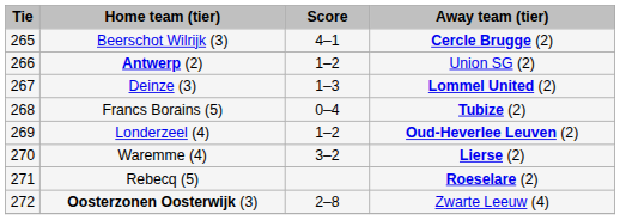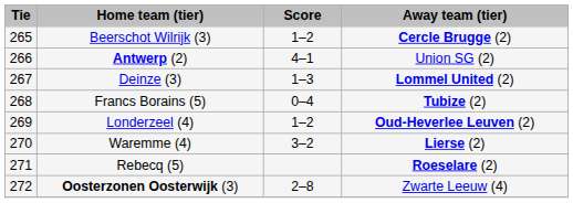 <table class="wikitable" style="width: 600px; background:WhiteSmoke; text-align:center; font-size:90%">
 <tr>
 <td scope="col" style="width:  5.00%; background:silver;"><strong>Tie</strong></td>
 <td scope="col" style="width: 36.25%; background:silver;"><strong>Home team (tier)</strong></td>
 <td scope="col" style="width: 12.50%; background:silver;"><strong>Score</strong></td>
 <td scope="col" style="width: 36.25%; background:silver;"><strong>Away team (tier)</strong></td>
 </tr>
 <tr>
 <td>265</td>
 <td><a href='#'>Beerschot Wilrijk</a> (3)</td>
-<td>4–1</td>
+<td>1–2</td>
 <td><strong><a href='#'>Cercle Brugge</a></strong> (2)</td>
 </tr>
 <tr>
 <td>266</td>
 <td><strong><a href='#'>Antwerp</a></strong> (2)</td>
-<td>1–2</td>
+<td>4–1</td>
 <td><a href='#'>Union SG</a> (2)</td>
 </tr>
 <tr>
 <td>267</td>
 <td><a href='#'>Deinze</a> (3)</td>
 <td>1–3</td>
 <td><strong><a href='#'>Lommel United</a></strong> (2)</td>
 </tr>
 <tr>
 <td>268</td>
 <td>Francs Borains (5)</td>
 <td>0–4</td>
 <td><strong><a href='#'>Tubize</a></strong> (2)</td>
 </tr>
 <tr>
 <td>269</td>
 <td><a href='#'>Londerzeel</a> (4)</td>
 <td>1–2</td>
 <td><strong><a href='#'>Oud-Heverlee Leuven</a></strong> (2)</td>
 </tr>
 <tr>
 <td>270</td>
 <td>Waremme (4)</td>
 <td>3–2</td>
 <td><strong><a href='#'>Lierse</a></strong> (2)</td>
 </tr>
 <tr>
 <td>271</td>
 <td>Rebecq (5)</td>
 <td></td>
 <td><strong><a href='#'>Roeselare</a></strong> (2)</td>
 </tr>
 <tr>
 <td>272</td>
 <td><strong>Oosterzonen Oosterwijk</strong> (3)</td>
 <td>2–8</td>
 <td><a href='#'>Zwarte Leeuw</a> (4)</td>
 </tr>
 <tr>
 </tr>
 </table>
